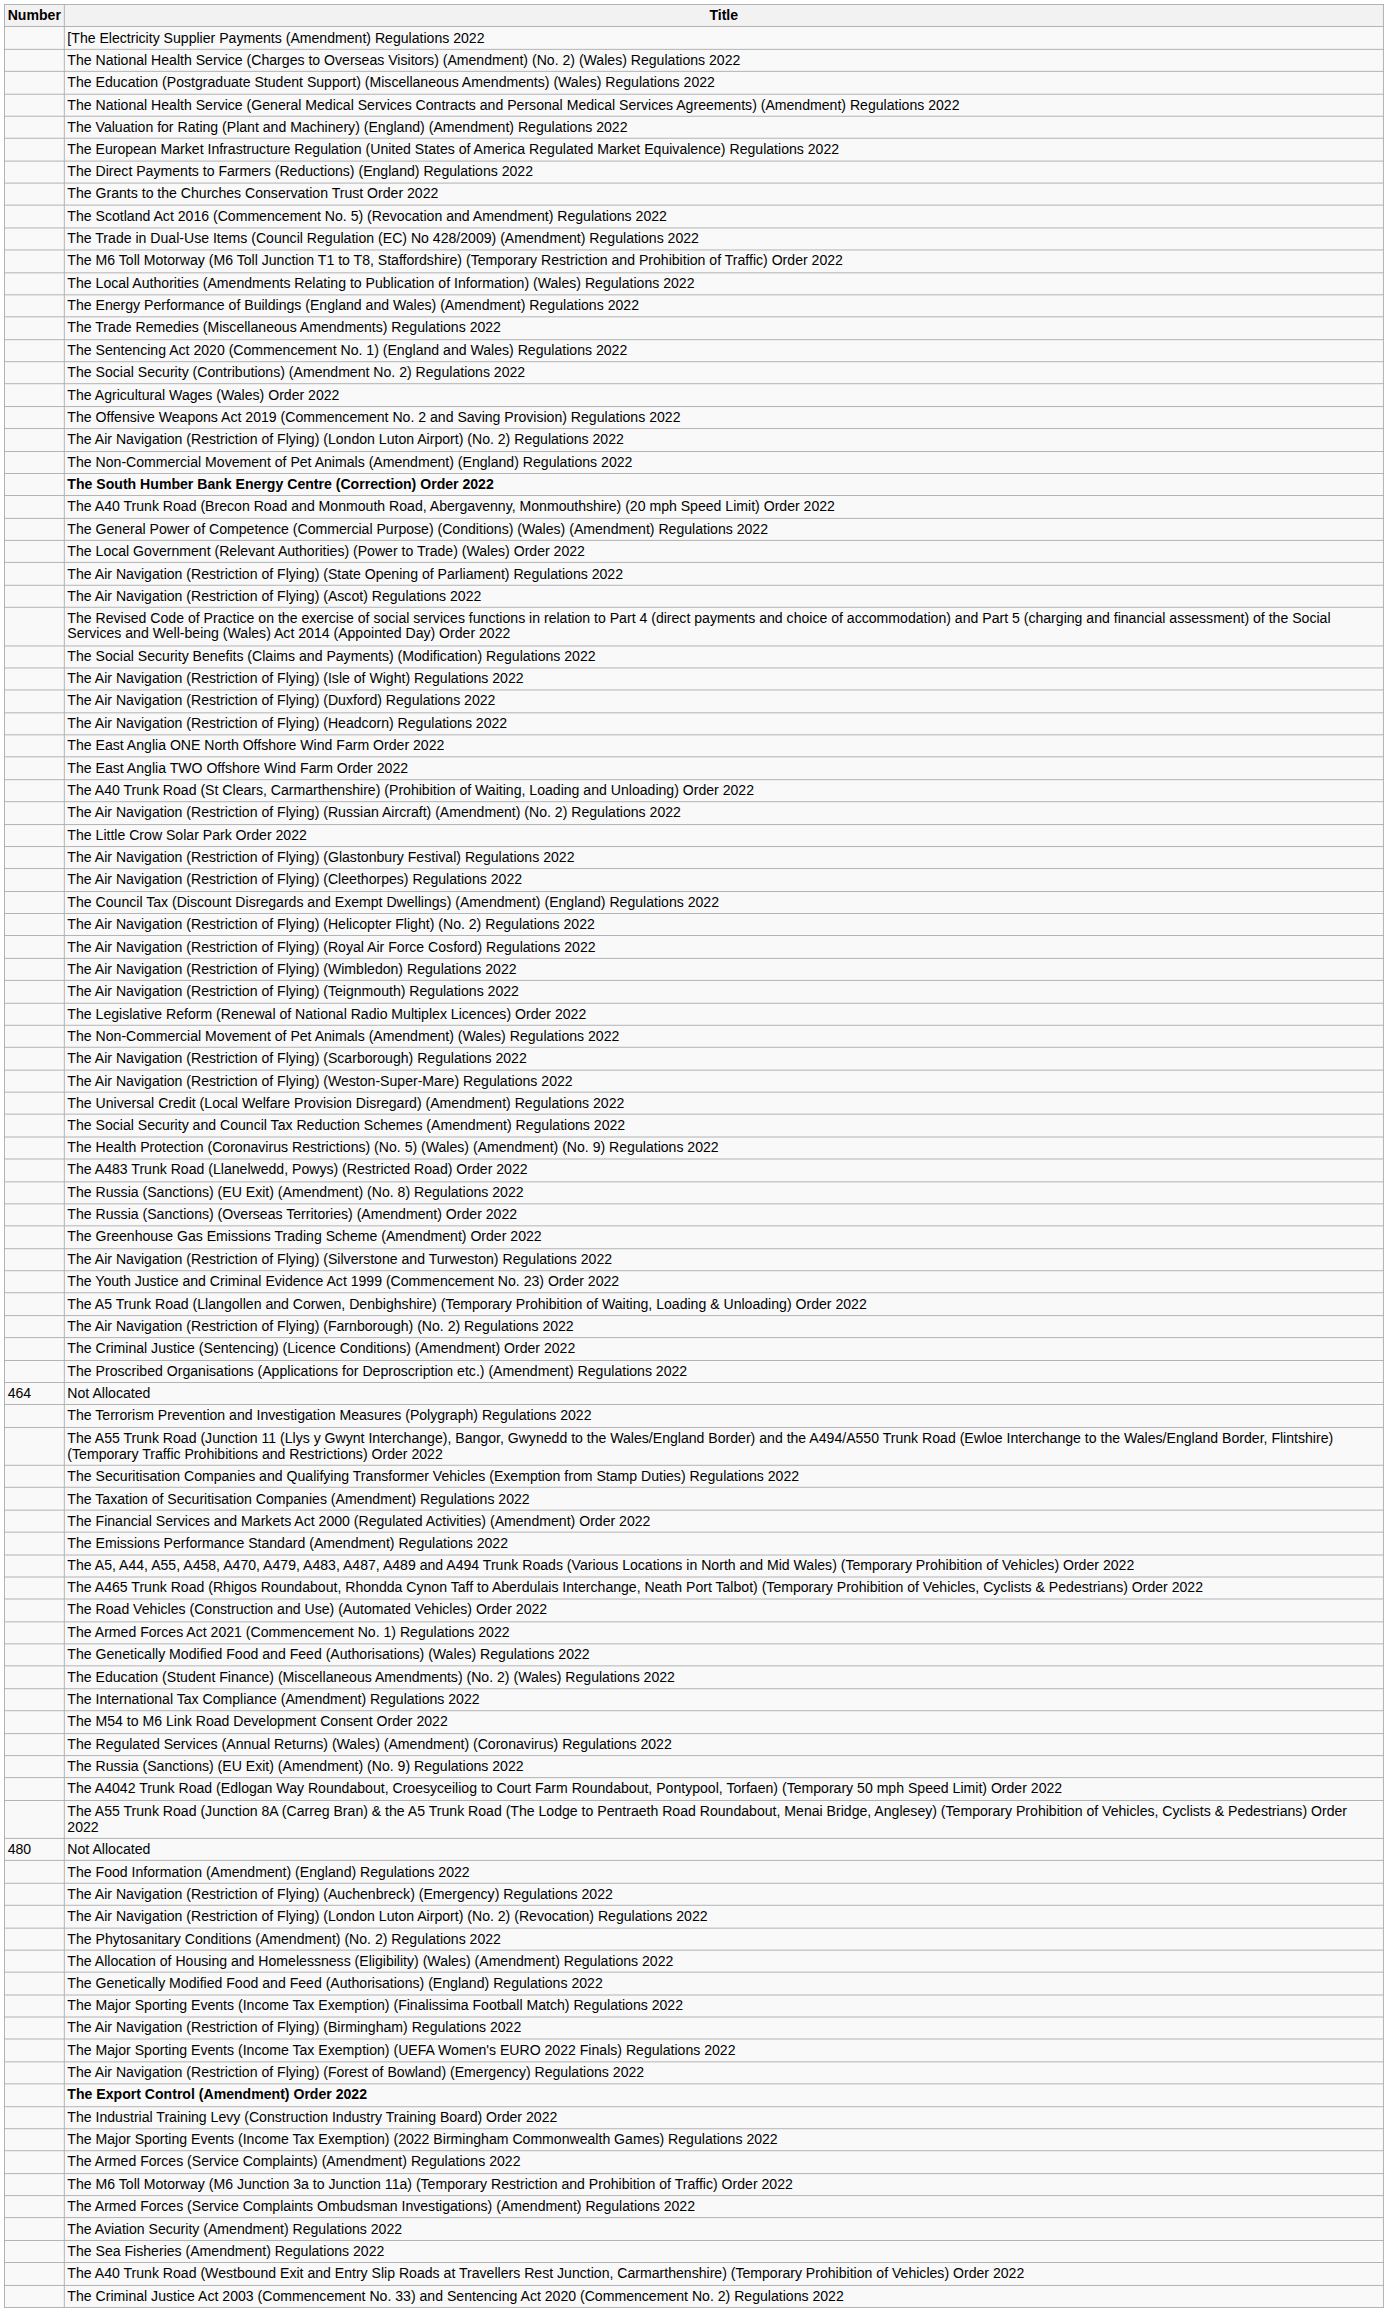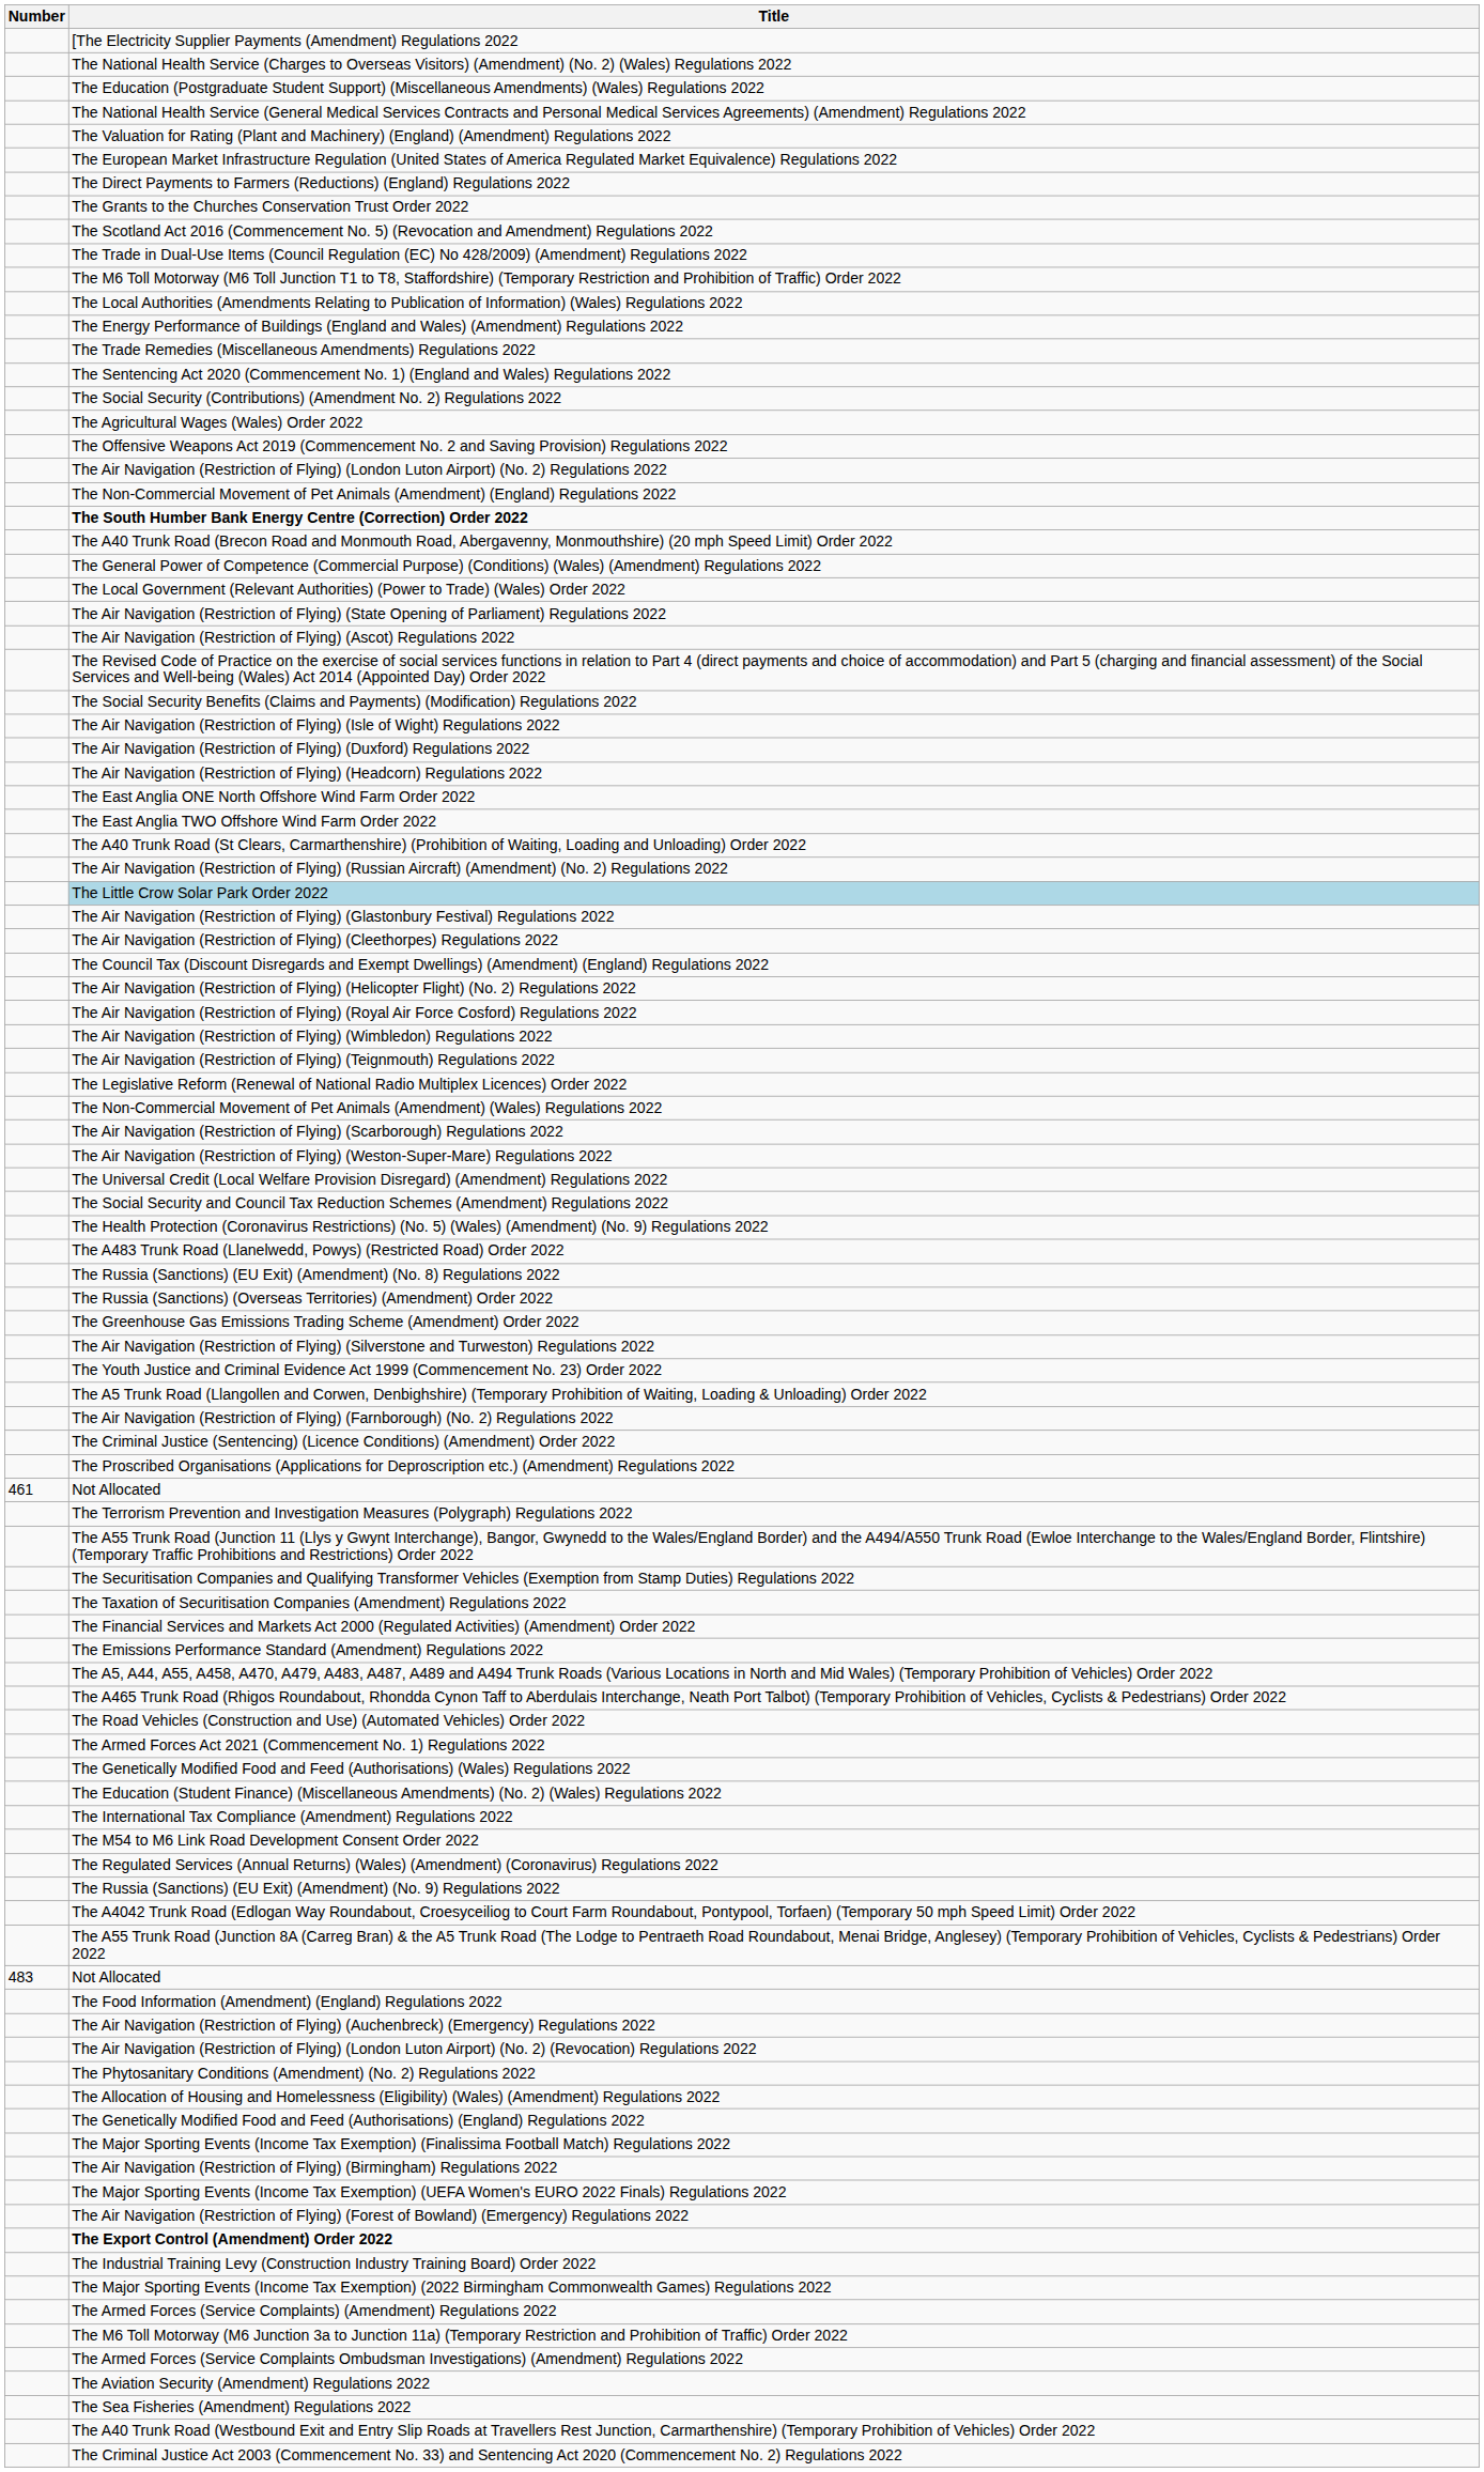 <table class="wikitable collapsible">
 <tr>
 <th>Number</th>
 <th>Title</th>
 </tr>
 <tr>
 <td></td>
 <td>[The Electricity Supplier Payments (Amendment) Regulations 2022</td>
 </tr>
 <tr>
 <td></td>
 <td>The National Health Service (Charges to Overseas Visitors) (Amendment) (No. 2) (Wales) Regulations 2022</td>
 </tr>
 <tr>
 <td></td>
 <td>The Education (Postgraduate Student Support) (Miscellaneous Amendments) (Wales) Regulations 2022</td>
 </tr>
 <tr>
 <td></td>
 <td>The National Health Service (General Medical Services Contracts and Personal Medical Services Agreements) (Amendment) Regulations 2022</td>
 </tr>
 <tr>
 <td></td>
 <td>The Valuation for Rating (Plant and Machinery) (England) (Amendment) Regulations 2022</td>
 </tr>
 <tr>
 <td></td>
 <td>The European Market Infrastructure Regulation (United States of America Regulated Market Equivalence) Regulations 2022</td>
 </tr>
 <tr>
 <td></td>
 <td>The Direct Payments to Farmers (Reductions) (England) Regulations 2022</td>
 </tr>
 <tr>
 <td></td>
 <td>The Grants to the Churches Conservation Trust Order 2022</td>
 </tr>
 <tr>
 <td></td>
 <td>The Scotland Act 2016 (Commencement No. 5) (Revocation and Amendment) Regulations 2022</td>
 </tr>
 <tr>
 <td></td>
 <td>The Trade in Dual-Use Items (Council Regulation (EC) No 428/2009) (Amendment) Regulations 2022</td>
 </tr>
 <tr>
 <td></td>
 <td>The M6 Toll Motorway (M6 Toll Junction T1 to T8, Staffordshire) (Temporary Restriction and Prohibition of Traffic) Order 2022</td>
 </tr>
 <tr>
 <td></td>
 <td>The Local Authorities (Amendments Relating to Publication of Information) (Wales) Regulations 2022</td>
 </tr>
 <tr>
 <td></td>
 <td>The Energy Performance of Buildings (England and Wales) (Amendment) Regulations 2022</td>
 </tr>
 <tr>
 <td></td>
 <td>The Trade Remedies (Miscellaneous Amendments) Regulations 2022</td>
 </tr>
 <tr>
 <td></td>
 <td>The Sentencing Act 2020 (Commencement No. 1) (England and Wales) Regulations 2022</td>
 </tr>
 <tr>
 <td></td>
 <td>The Social Security (Contributions) (Amendment No. 2) Regulations 2022</td>
 </tr>
 <tr>
 <td></td>
 <td>The Agricultural Wages (Wales) Order 2022</td>
 </tr>
 <tr>
 <td></td>
 <td>The Offensive Weapons Act 2019 (Commencement No. 2 and Saving Provision) Regulations 2022</td>
 </tr>
 <tr>
 <td></td>
 <td>The Air Navigation (Restriction of Flying) (London Luton Airport) (No. 2) Regulations 2022</td>
 </tr>
 <tr>
 <td></td>
 <td>The Non-Commercial Movement of Pet Animals (Amendment) (England) Regulations 2022</td>
 </tr>
 <tr>
 <td></td>
 <td><strong>The South Humber Bank Energy Centre (Correction) Order 2022</strong></td>
 </tr>
 <tr>
 <td></td>
 <td>The A40 Trunk Road (Brecon Road and Monmouth Road, Abergavenny, Monmouthshire) (20 mph Speed Limit) Order 2022</td>
 </tr>
 <tr>
 <td></td>
 <td>The General Power of Competence (Commercial Purpose) (Conditions) (Wales) (Amendment) Regulations 2022</td>
 </tr>
 <tr>
 <td></td>
 <td>The Local Government (Relevant Authorities) (Power to Trade) (Wales) Order 2022</td>
 </tr>
 <tr>
 <td></td>
 <td>The Air Navigation (Restriction of Flying) (State Opening of Parliament) Regulations 2022</td>
 </tr>
 <tr>
 <td></td>
 <td>The Air Navigation (Restriction of Flying) (Ascot) Regulations 2022</td>
 </tr>
 <tr>
 <td></td>
 <td>The Revised Code of Practice on the exercise of social services functions in relation to Part 4 (direct payments and choice of accommodation) and Part 5 (charging and financial assessment) of the Social Services and Well-being (Wales) Act 2014 (Appointed Day) Order 2022</td>
 </tr>
 <tr>
 <td></td>
 <td>The Social Security Benefits (Claims and Payments) (Modification) Regulations 2022</td>
 </tr>
 <tr>
 <td></td>
 <td>The Air Navigation (Restriction of Flying) (Isle of Wight) Regulations 2022</td>
 </tr>
 <tr>
 <td></td>
 <td>The Air Navigation (Restriction of Flying) (Duxford) Regulations 2022</td>
 </tr>
 <tr>
 <td></td>
 <td>The Air Navigation (Restriction of Flying) (Headcorn) Regulations 2022</td>
 </tr>
 <tr>
 <td></td>
 <td>The East Anglia ONE North Offshore Wind Farm Order 2022</td>
 </tr>
 <tr>
 <td></td>
 <td>The East Anglia TWO Offshore Wind Farm Order 2022</td>
 </tr>
 <tr>
 <td></td>
 <td>The A40 Trunk Road (St Clears, Carmarthenshire) (Prohibition of Waiting, Loading and Unloading) Order 2022</td>
 </tr>
 <tr>
 <td></td>
 <td>The Air Navigation (Restriction of Flying) (Russian Aircraft) (Amendment) (No. 2) Regulations 2022</td>
 </tr>
 <tr>
 <td></td>
-<td>The Little Crow Solar Park Order 2022</td>
+<td style="background: lightblue;">The Little Crow Solar Park Order 2022</td>
 </tr>
 <tr>
 <td></td>
 <td>The Air Navigation (Restriction of Flying) (Glastonbury Festival) Regulations 2022</td>
 </tr>
 <tr>
 <td></td>
 <td>The Air Navigation (Restriction of Flying) (Cleethorpes) Regulations 2022</td>
 </tr>
 <tr>
 <td></td>
 <td>The Council Tax (Discount Disregards and Exempt Dwellings) (Amendment) (England) Regulations 2022</td>
 </tr>
 <tr>
 <td></td>
 <td>The Air Navigation (Restriction of Flying) (Helicopter Flight) (No. 2) Regulations 2022</td>
 </tr>
 <tr>
 <td></td>
 <td>The Air Navigation (Restriction of Flying) (Royal Air Force Cosford) Regulations 2022</td>
 </tr>
 <tr>
 <td></td>
 <td>The Air Navigation (Restriction of Flying) (Wimbledon) Regulations 2022</td>
 </tr>
 <tr>
 <td></td>
 <td>The Air Navigation (Restriction of Flying) (Teignmouth) Regulations 2022</td>
 </tr>
 <tr>
 <td></td>
 <td>The Legislative Reform (Renewal of National Radio Multiplex Licences) Order 2022</td>
 </tr>
 <tr>
 <td></td>
 <td>The Non-Commercial Movement of Pet Animals (Amendment) (Wales) Regulations 2022</td>
 </tr>
 <tr>
 <td></td>
 <td>The Air Navigation (Restriction of Flying) (Scarborough) Regulations 2022</td>
 </tr>
 <tr>
 <td></td>
 <td>The Air Navigation (Restriction of Flying) (Weston-Super-Mare) Regulations 2022</td>
 </tr>
 <tr>
 <td></td>
 <td>The Universal Credit (Local Welfare Provision Disregard) (Amendment) Regulations 2022</td>
 </tr>
 <tr>
 <td></td>
 <td>The Social Security and Council Tax Reduction Schemes (Amendment) Regulations 2022</td>
 </tr>
 <tr>
 <td></td>
 <td>The Health Protection (Coronavirus Restrictions) (No. 5) (Wales) (Amendment) (No. 9) Regulations 2022</td>
 </tr>
 <tr>
 <td></td>
 <td>The A483 Trunk Road (Llanelwedd, Powys) (Restricted Road) Order 2022</td>
 </tr>
 <tr>
 <td></td>
 <td>The Russia (Sanctions) (EU Exit) (Amendment) (No. 8) Regulations 2022</td>
 </tr>
 <tr>
 <td></td>
 <td>The Russia (Sanctions) (Overseas Territories) (Amendment) Order 2022</td>
 </tr>
 <tr>
 <td></td>
 <td>The Greenhouse Gas Emissions Trading Scheme (Amendment) Order 2022</td>
 </tr>
 <tr>
 <td></td>
 <td>The Air Navigation (Restriction of Flying) (Silverstone and Turweston) Regulations 2022</td>
 </tr>
 <tr>
 <td></td>
 <td>The Youth Justice and Criminal Evidence Act 1999 (Commencement No. 23) Order 2022</td>
 </tr>
 <tr>
 <td></td>
 <td>The A5 Trunk Road (Llangollen and Corwen, Denbighshire) (Temporary Prohibition of Waiting, Loading & Unloading) Order 2022</td>
 </tr>
 <tr>
 <td></td>
 <td>The Air Navigation (Restriction of Flying) (Farnborough) (No. 2) Regulations 2022</td>
 </tr>
 <tr>
 <td></td>
 <td>The Criminal Justice (Sentencing) (Licence Conditions) (Amendment) Order 2022</td>
 </tr>
 <tr>
 <td></td>
 <td>The Proscribed Organisations (Applications for Deproscription etc.) (Amendment) Regulations 2022</td>
 </tr>
 <tr>
-<td>464</td>
+<td>461</td>
 <td>Not Allocated</td>
 </tr>
 <tr>
 <td></td>
 <td>The Terrorism Prevention and Investigation Measures (Polygraph) Regulations 2022</td>
 </tr>
 <tr>
 <td></td>
 <td>The A55 Trunk Road (Junction 11 (Llys y Gwynt Interchange), Bangor, Gwynedd to the Wales/England Border) and the A494/A550 Trunk Road (Ewloe Interchange to the Wales/England Border, Flintshire) (Temporary Traffic Prohibitions and Restrictions) Order 2022</td>
 </tr>
 <tr>
 <td></td>
 <td>The Securitisation Companies and Qualifying Transformer Vehicles (Exemption from Stamp Duties) Regulations 2022</td>
 </tr>
 <tr>
 <td></td>
 <td>The Taxation of Securitisation Companies (Amendment) Regulations 2022</td>
 </tr>
 <tr>
 <td></td>
 <td>The Financial Services and Markets Act 2000 (Regulated Activities) (Amendment) Order 2022</td>
 </tr>
 <tr>
 <td></td>
 <td>The Emissions Performance Standard (Amendment) Regulations 2022</td>
 </tr>
 <tr>
 <td></td>
 <td>The A5, A44, A55, A458, A470, A479, A483, A487, A489 and A494 Trunk Roads (Various Locations in North and Mid Wales) (Temporary Prohibition of Vehicles) Order 2022</td>
 </tr>
 <tr>
 <td></td>
 <td>The A465 Trunk Road (Rhigos Roundabout, Rhondda Cynon Taff to Aberdulais Interchange, Neath Port Talbot) (Temporary Prohibition of Vehicles, Cyclists & Pedestrians) Order 2022</td>
 </tr>
 <tr>
 <td></td>
 <td>The Road Vehicles (Construction and Use) (Automated Vehicles) Order 2022</td>
 </tr>
 <tr>
 <td></td>
 <td>The Armed Forces Act 2021 (Commencement No. 1) Regulations 2022</td>
 </tr>
 <tr>
 <td></td>
 <td>The Genetically Modified Food and Feed (Authorisations) (Wales) Regulations 2022</td>
 </tr>
 <tr>
 <td></td>
 <td>The Education (Student Finance) (Miscellaneous Amendments) (No. 2) (Wales) Regulations 2022</td>
 </tr>
 <tr>
 <td></td>
 <td>The International Tax Compliance (Amendment) Regulations 2022</td>
 </tr>
 <tr>
 <td></td>
 <td>The M54 to M6 Link Road Development Consent Order 2022</td>
 </tr>
 <tr>
 <td></td>
 <td>The Regulated Services (Annual Returns) (Wales) (Amendment) (Coronavirus) Regulations 2022</td>
 </tr>
 <tr>
 <td></td>
 <td>The Russia (Sanctions) (EU Exit) (Amendment) (No. 9) Regulations 2022</td>
 </tr>
 <tr>
 <td></td>
 <td>The A4042 Trunk Road (Edlogan Way Roundabout, Croesyceiliog to Court Farm Roundabout, Pontypool, Torfaen) (Temporary 50 mph Speed Limit) Order 2022</td>
 </tr>
 <tr>
 <td></td>
 <td>The A55 Trunk Road (Junction 8A (Carreg Bran) & the A5 Trunk Road (The Lodge to Pentraeth Road Roundabout, Menai Bridge, Anglesey) (Temporary Prohibition of Vehicles, Cyclists & Pedestrians) Order 2022</td>
 </tr>
 <tr>
-<td>480</td>
+<td>483</td>
 <td>Not Allocated</td>
 </tr>
 <tr>
 <td></td>
 <td>The Food Information (Amendment) (England) Regulations 2022</td>
 </tr>
 <tr>
 <td></td>
 <td>The Air Navigation (Restriction of Flying) (Auchenbreck) (Emergency) Regulations 2022</td>
 </tr>
 <tr>
 <td></td>
 <td>The Air Navigation (Restriction of Flying) (London Luton Airport) (No. 2) (Revocation) Regulations 2022</td>
 </tr>
 <tr>
 <td></td>
 <td>The Phytosanitary Conditions (Amendment) (No. 2) Regulations 2022</td>
 </tr>
 <tr>
 <td></td>
 <td>The Allocation of Housing and Homelessness (Eligibility) (Wales) (Amendment) Regulations 2022</td>
 </tr>
 <tr>
 <td></td>
 <td>The Genetically Modified Food and Feed (Authorisations) (England) Regulations 2022</td>
 </tr>
 <tr>
 <td></td>
 <td>The Major Sporting Events (Income Tax Exemption) (Finalissima Football Match) Regulations 2022</td>
 </tr>
 <tr>
 <td></td>
 <td>The Air Navigation (Restriction of Flying) (Birmingham) Regulations 2022</td>
 </tr>
 <tr>
 <td></td>
 <td>The Major Sporting Events (Income Tax Exemption) (UEFA Women's EURO 2022 Finals) Regulations 2022</td>
 </tr>
 <tr>
 <td></td>
 <td>The Air Navigation (Restriction of Flying) (Forest of Bowland) (Emergency) Regulations 2022</td>
 </tr>
 <tr>
 <td></td>
 <td><strong>The Export Control (Amendment) Order 2022</strong></td>
 </tr>
 <tr>
 <td></td>
 <td>The Industrial Training Levy (Construction Industry Training Board) Order 2022</td>
 </tr>
 <tr>
 <td></td>
 <td>The Major Sporting Events (Income Tax Exemption) (2022 Birmingham Commonwealth Games) Regulations 2022</td>
 </tr>
 <tr>
 <td></td>
 <td>The Armed Forces (Service Complaints) (Amendment) Regulations 2022</td>
 </tr>
 <tr>
 <td></td>
 <td>The M6 Toll Motorway (M6 Junction 3a to Junction 11a) (Temporary Restriction and Prohibition of Traffic) Order 2022</td>
 </tr>
 <tr>
 <td></td>
 <td>The Armed Forces (Service Complaints Ombudsman Investigations) (Amendment) Regulations 2022</td>
 </tr>
 <tr>
 <td></td>
 <td>The Aviation Security (Amendment) Regulations 2022</td>
 </tr>
 <tr>
 <td></td>
 <td>The Sea Fisheries (Amendment) Regulations 2022</td>
 </tr>
 <tr>
 <td></td>
 <td>The A40 Trunk Road (Westbound Exit and Entry Slip Roads at Travellers Rest Junction, Carmarthenshire) (Temporary Prohibition of Vehicles) Order 2022</td>
 </tr>
 <tr>
 <td></td>
 <td>The Criminal Justice Act 2003 (Commencement No. 33) and Sentencing Act 2020 (Commencement No. 2) Regulations 2022</td>
 </tr>
 </table>
